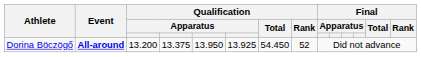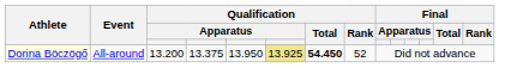 <table class="wikitable" style="font-size:90%">
 <tr>
 <th rowspan=3>Athlete</th>
 <th rowspan=3>Event</th>
 <th colspan=6>Qualification</th>
 <th colspan=6>Final</th>
 </tr>
 <tr style="font-size:95%">
 <th colspan=4>Apparatus</th>
 <th rowspan=2>Total</th>
 <th rowspan=2>Rank</th>
 <th colspan=4>Apparatus</th>
 <th rowspan=2>Total</th>
 <th rowspan=2>Rank</th>
 </tr>
 <tr style="font-size:95%">
 <th></th>
 <th></th>
 <th></th>
 <th></th>
 <th></th>
 <th></th>
 <th></th>
 <th></th>
 </tr>
 <tr align=center>
-<td align=left><a href='#'>Dorina Böczögő</a></td>
-<td align=left><strong><a href='#'>All-around</a></strong></td>
+<td align=left style="background: lightyellow;"><a href='#'>Dorina Böczögő</a></td>
+<td align=left><a href='#'>All-around</a></td>
 <td>13.200</td>
 <td>13.375</td>
 <td>13.950</td>
-<td>13.925</td>
-<td>54.450</td>
+<td style="background: khaki;">13.925</td>
+<td><strong>54.450</strong></td>
 <td>52</td>
 <td colspan=6>Did not advance</td>
 </tr>
 </table>
